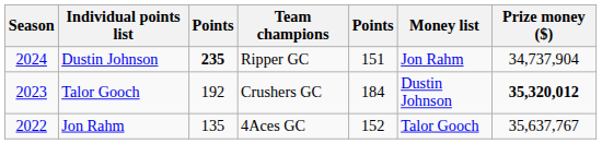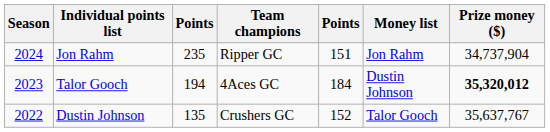 <table class="wikitable">
 <tr>
 <th>Season</th>
 <th>Individual points list</th>
 <th>Points</th>
 <th>Team champions</th>
 <th>Points</th>
 <th>Money list</th>
 <th>Prize money ($)</th>
 </tr>
 <tr>
 <td align=center><a href='#'>2024</a></td>
-<td> <a href='#'>Dustin Johnson</a></td>
-<td align=center><strong>235</strong></td>
+<td> <a href='#'>Jon Rahm</a></td>
+<td align=center>235</td>
 <td>Ripper GC</td>
 <td align=center>151</td>
 <td> <a href='#'>Jon Rahm</a></td>
 <td align=center>34,737,904</td>
 </tr>
 <tr>
 <td align=center><a href='#'>2023</a></td>
 <td> <a href='#'>Talor Gooch</a></td>
-<td align=center>192</td>
-<td>Crushers GC</td>
+<td align=center>194</td>
+<td>4Aces GC</td>
 <td align=center>184</td>
 <td> <a href='#'>Dustin Johnson</a></td>
 <td align=center><strong>35,320,012</strong></td>
 </tr>
 <tr>
 <td align=center><a href='#'>2022</a></td>
-<td> <a href='#'>Jon Rahm</a></td>
+<td> <a href='#'>Dustin Johnson</a></td>
 <td align=center>135</td>
-<td>4Aces GC</td>
+<td>Crushers GC</td>
 <td align=center>152</td>
 <td> <a href='#'>Talor Gooch</a></td>
 <td align=center>35,637,767</td>
 </tr>
 </table>
